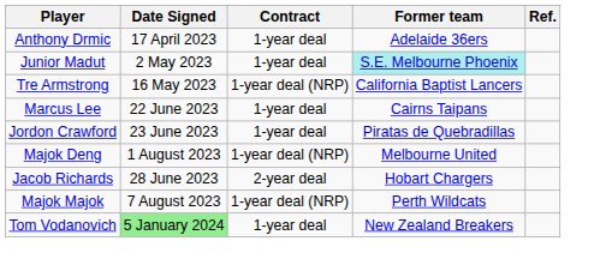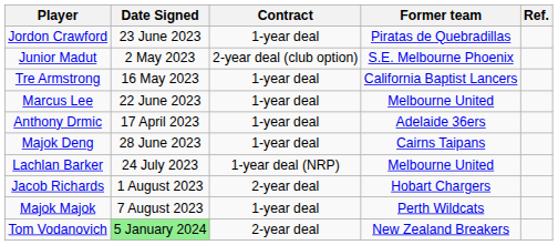 <table class="wikitable sortable sortable" style="text-align: center">
 <tr>
 <th>Player</th>
 <th>Date Signed</th>
 <th>Contract</th>
 <th>Former team</th>
 <th>Ref.</th>
 </tr>
 <tr>
+<td><a href='#'>Jordon Crawford</a></td>
+<td>23 June 2023</td>
+<td>1-year deal</td>
+<td><a href='#'>Piratas de Quebradillas</a></td>
+<td></td>
+</tr>
+<tr>
+<td><a href='#'>Junior Madut</a></td>
+<td>2 May 2023</td>
+<td>2-year deal (club option)</td>
+<td><a href='#'>S.E. Melbourne Phoenix</a></td>
+<td></td>
+</tr>
+<tr>
+<td><a href='#'>Tre Armstrong</a></td>
+<td>16 May 2023</td>
+<td>1-year deal</td>
+<td><a href='#'>California Baptist Lancers</a></td>
+<td></td>
+</tr>
+<tr>
+<td><a href='#'>Marcus Lee</a></td>
+<td>22 June 2023</td>
+<td>1-year deal</td>
+<td><a href='#'>Melbourne United</a></td>
+<td></td>
+</tr>
+<tr>
 <td><a href='#'>Anthony Drmic</a></td>
 <td>17 April 2023</td>
 <td>1-year deal</td>
 <td><a href='#'>Adelaide 36ers</a></td>
 <td></td>
 </tr>
 <tr>
-<td><a href='#'>Junior Madut</a></td>
-<td>2 May 2023</td>
-<td>1-year deal</td>
-<td style="background: paleturquoise;"><a href='#'>S.E. Melbourne Phoenix</a></td>
-<td></td>
-</tr>
-<tr>
-<td><a href='#'>Tre Armstrong</a></td>
-<td>16 May 2023</td>
-<td>1-year deal (NRP)</td>
-<td><a href='#'>California Baptist Lancers</a></td>
-<td></td>
-</tr>
-<tr>
-<td><a href='#'>Marcus Lee</a></td>
-<td>22 June 2023</td>
+<td><a href='#'>Majok Deng</a></td>
+<td>28 June 2023</td>
 <td>1-year deal</td>
 <td><a href='#'>Cairns Taipans</a></td>
 <td></td>
 </tr>
 <tr>
-<td><a href='#'>Jordon Crawford</a></td>
-<td>23 June 2023</td>
-<td>1-year deal</td>
-<td><a href='#'>Piratas de Quebradillas</a></td>
-<td></td>
-</tr>
-<tr>
-<td><a href='#'>Majok Deng</a></td>
-<td>1 August 2023</td>
+<td><a href='#'>Lachlan Barker</a></td>
+<td>24 July 2023</td>
 <td>1-year deal (NRP)</td>
 <td><a href='#'>Melbourne United</a></td>
 <td></td>
 </tr>
 <tr>
 <td><a href='#'> Jacob Richards</a></td>
-<td>28 June 2023</td>
+<td>1 August 2023</td>
 <td>2-year deal</td>
 <td><a href='#'>Hobart Chargers</a></td>
 <td></td>
 </tr>
 <tr>
 <td><a href='#'>Majok Majok</a></td>
 <td>7 August 2023</td>
-<td>1-year deal (NRP)</td>
+<td>1-year deal</td>
 <td><a href='#'>Perth Wildcats</a></td>
 <td></td>
 </tr>
 <tr>
 <td><a href='#'>Tom Vodanovich</a></td>
 <td style="background: lightgreen;">5 January 2024</td>
-<td>1-year deal</td>
+<td>2-year deal</td>
 <td><a href='#'>New Zealand Breakers</a></td>
 <td></td>
 </tr>
 </table>
